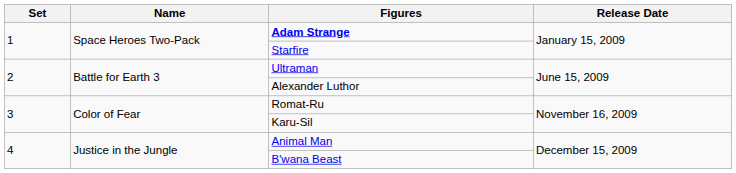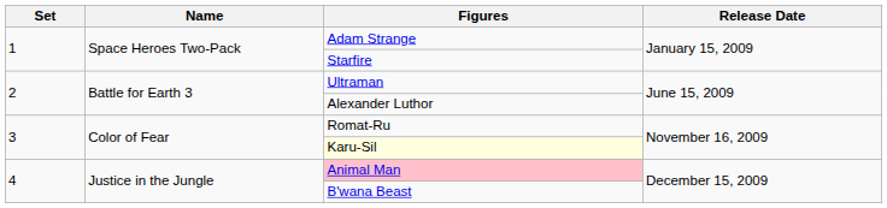 <table class="wikitable" style="width:80%;">
 <tr>
 <th width=5%><strong>Set</strong></th>
 <th width=15%><strong>Name</strong></th>
 <th width=20%><strong>Figures</strong></th>
 <th width=15%><strong>Release Date</strong></th>
 </tr>
 <tr>
 <td rowspan=2>1</td>
 <td rowspan=2>Space Heroes Two-Pack</td>
-<td><strong><a href='#'>Adam Strange</a></strong></td>
+<td><a href='#'>Adam Strange</a></td>
 <td rowspan=2>January 15, 2009</td>
 </tr>
 <tr>
 <td><a href='#'>Starfire</a></td>
 </tr>
 <tr>
 <td rowspan=2>2</td>
 <td rowspan=2>Battle for Earth 3</td>
 <td><a href='#'>Ultraman</a></td>
 <td rowspan=2>June 15, 2009</td>
 </tr>
 <tr>
 <td>Alexander Luthor</td>
 </tr>
 <tr>
 <td rowspan=2>3</td>
 <td rowspan=2>Color of Fear</td>
 <td>Romat-Ru</td>
 <td rowspan=2>November 16, 2009</td>
 </tr>
 <tr>
-<td>Karu-Sil</td>
+<td style="background: lightyellow;">Karu-Sil</td>
 </tr>
 <tr>
 <td rowspan=2>4</td>
 <td rowspan=2>Justice in the Jungle</td>
-<td><a href='#'>Animal Man</a></td>
+<td style="background: pink;"><a href='#'>Animal Man</a></td>
 <td rowspan=2>December 15, 2009</td>
 </tr>
 <tr>
 <td><a href='#'>B'wana Beast</a></td>
 </tr>
 </table>
